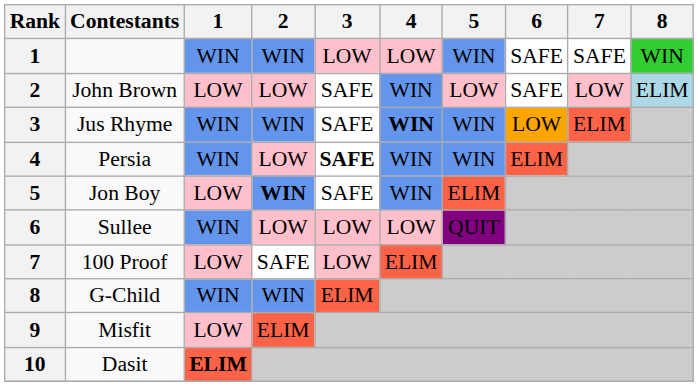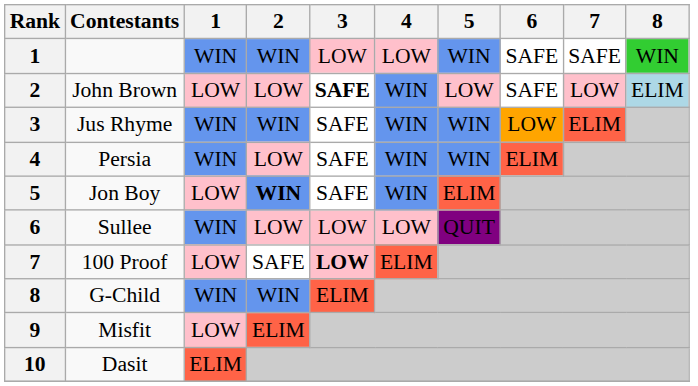 <table class="wikitable" style="text-align:center">
 <tr>
 <th>Rank</th>
 <th>Contestants</th>
 <th>1</th>
 <th>2</th>
 <th>3</th>
 <th>4</th>
 <th>5</th>
 <th>6</th>
 <th>7</th>
 <th>8</th>
 </tr>
 <tr>
 <th>1</th>
 <td></td>
 <td bgcolor="cornflowerblue">WIN</td>
 <td bgcolor="cornflowerblue">WIN</td>
 <td bgcolor="pink">LOW</td>
 <td bgcolor="pink">LOW</td>
 <td bgcolor="cornflowerblue">WIN</td>
 <td bgcolor="white">SAFE</td>
 <td bgcolor="white">SAFE</td>
 <td bgcolor="limegreen">WIN</td>
 </tr>
 <tr>
 <th>2</th>
 <td>John Brown</td>
 <td bgcolor="pink">LOW</td>
 <td bgcolor="pink">LOW</td>
-<td bgcolor="white">SAFE</td>
+<td bgcolor="white"><strong>SAFE</strong></td>
 <td bgcolor="cornflowerblue">WIN</td>
 <td bgcolor="pink">LOW</td>
 <td bgcolor="white">SAFE</td>
 <td bgcolor="pink">LOW</td>
 <td bgcolor="lightblue">ELIM</td>
 </tr>
 <tr>
 <th>3</th>
 <td>Jus Rhyme</td>
 <td bgcolor="cornflowerblue">WIN</td>
 <td bgcolor="cornflowerblue">WIN</td>
 <td bgcolor="white">SAFE</td>
-<td bgcolor="cornflowerblue"><strong>WIN</strong></td>
+<td bgcolor="cornflowerblue">WIN</td>
 <td bgcolor="cornflowerblue">WIN</td>
 <td bgcolor="orange">LOW</td>
 <td bgcolor="tomato">ELIM</td>
 <td bgcolor="#CCCCCC" colspan=1></td>
 </tr>
 <tr>
 <th>4</th>
 <td>Persia</td>
 <td bgcolor="cornflowerblue">WIN</td>
 <td bgcolor="pink">LOW</td>
-<td bgcolor="white"><strong>SAFE</strong></td>
+<td bgcolor="white">SAFE</td>
 <td bgcolor="cornflowerblue">WIN</td>
 <td bgcolor="cornflowerblue">WIN</td>
 <td bgcolor="tomato">ELIM</td>
 <td bgcolor="#CCCCCC" colspan=2></td>
 </tr>
 <tr>
 <th>5</th>
 <td>Jon Boy</td>
 <td bgcolor="pink">LOW</td>
 <td bgcolor="cornflowerblue"><strong>WIN</strong></td>
 <td bgcolor="white">SAFE</td>
 <td bgcolor="cornflowerblue">WIN</td>
 <td bgcolor="tomato">ELIM</td>
 <td bgcolor="#CCCCCC" colspan=3></td>
 </tr>
 <tr>
 <th>6</th>
 <td>Sullee</td>
 <td bgcolor="cornflowerblue">WIN</td>
 <td bgcolor="pink">LOW</td>
 <td bgcolor="pink">LOW</td>
 <td bgcolor="pink">LOW</td>
 <td bgcolor="purple"><span>QUIT</span></td>
 <td bgcolor="#CCCCCC" colspan=3></td>
 </tr>
 <tr>
 <th>7</th>
 <td>100 Proof</td>
 <td bgcolor="pink">LOW</td>
 <td bgcolor="white">SAFE</td>
-<td bgcolor="pink">LOW</td>
+<td bgcolor="pink"><strong>LOW</strong></td>
 <td bgcolor="tomato">ELIM</td>
 <td bgcolor="#CCCCCC" colspan=4></td>
 </tr>
 <tr>
 <th>8</th>
 <td>G-Child</td>
 <td bgcolor="cornflowerblue">WIN</td>
 <td bgcolor="cornflowerblue">WIN</td>
 <td bgcolor="tomato">ELIM</td>
 <td bgcolor="#CCCCCC" colspan=5></td>
 </tr>
 <tr>
 <th>9</th>
 <td>Misfit</td>
 <td bgcolor="pink">LOW</td>
 <td bgcolor="tomato">ELIM</td>
 <td bgcolor="#CCCCCC" colspan=6></td>
 </tr>
 <tr>
 <th>10</th>
 <td>Dasit</td>
-<td bgcolor="tomato"><strong>ELIM</strong></td>
+<td bgcolor="tomato">ELIM</td>
 <td bgcolor="#CCCCCC" colspan=7></td>
 </tr>
 <tr>
 </tr>
 </table>
